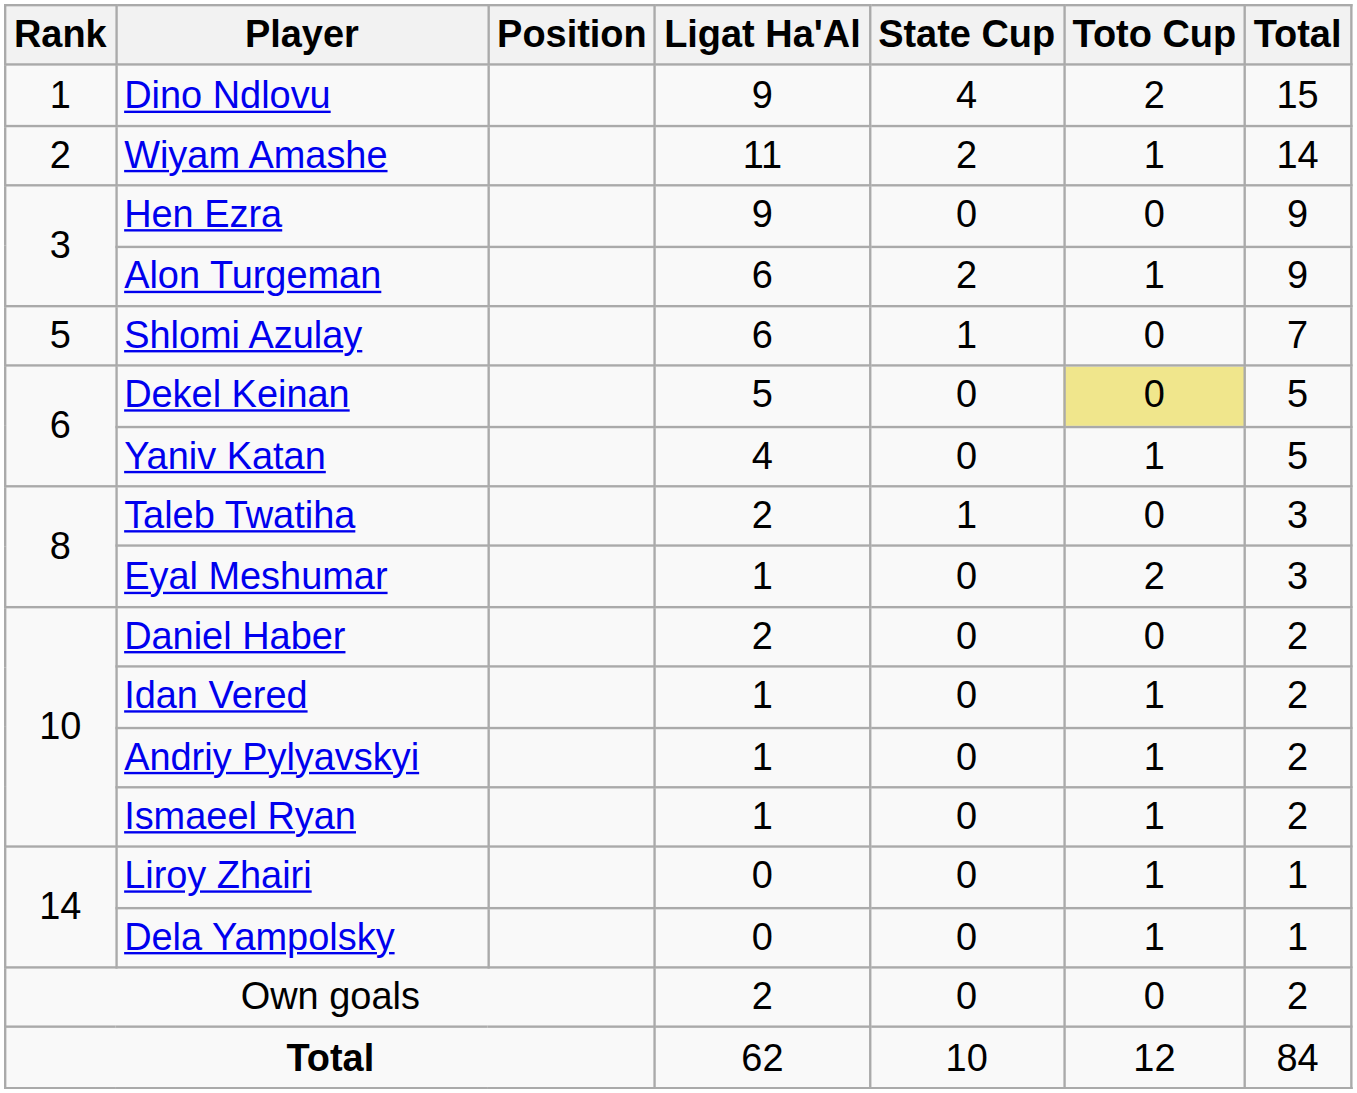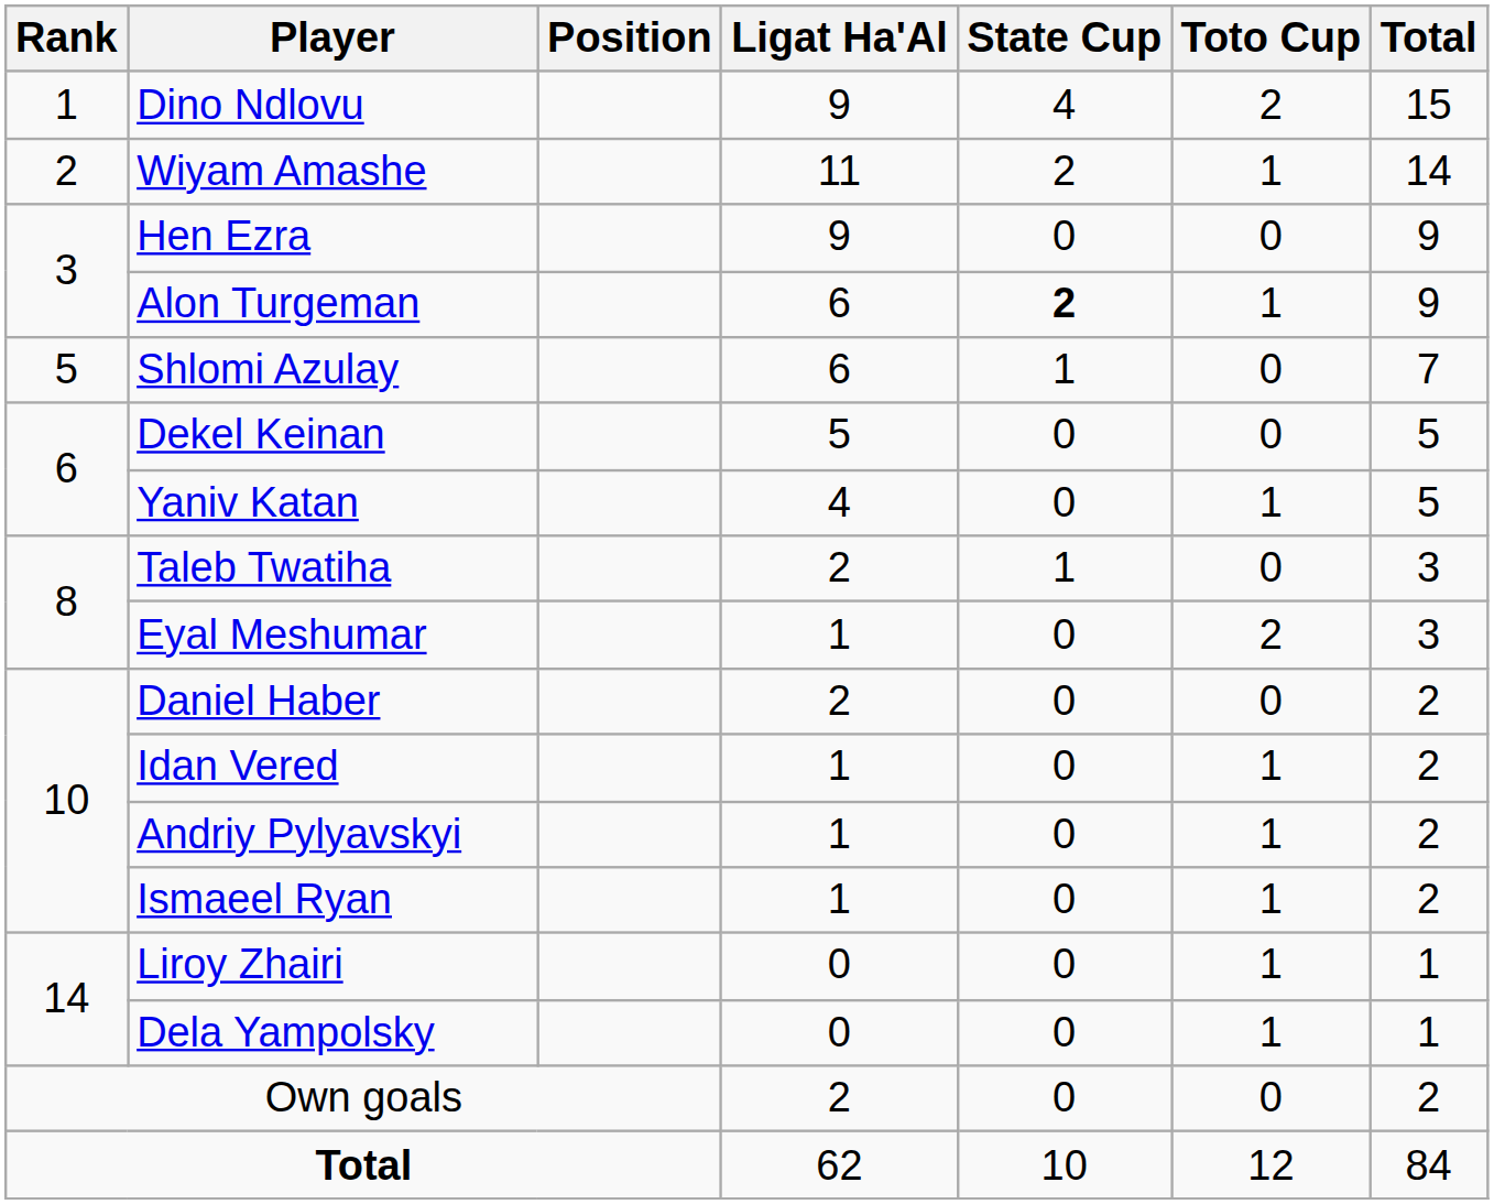 <table class="wikitable">
 <tr>
 <th>Rank</th>
 <th style="width:150px;">Player</th>
 <th>Position</th>
 <th>Ligat Ha'Al</th>
 <th>State Cup</th>
 <th>Toto Cup</th>
 <th>Total</th>
 </tr>
 <tr>
 <td align=center>1</td>
 <td> <a href='#'>Dino Ndlovu</a></td>
 <td align=center></td>
 <td align=center>9</td>
 <td align=center>4</td>
 <td align=center>2</td>
 <td align=center>15</td>
 </tr>
 <tr>
 <td align=center>2</td>
 <td> <a href='#'>Wiyam Amashe</a></td>
 <td align=center></td>
 <td align=center>11</td>
 <td align=center>2</td>
 <td align=center>1</td>
 <td align=center>14</td>
 </tr>
 <tr>
 <td align=center rowspan=2>3</td>
 <td> <a href='#'>Hen Ezra</a></td>
 <td align=center></td>
 <td align=center>9</td>
 <td align=center>0</td>
 <td align=center>0</td>
 <td align=center>9</td>
 </tr>
 <tr>
 <td> <a href='#'>Alon Turgeman</a></td>
 <td align=center></td>
 <td align=center>6</td>
-<td align=center>2</td>
+<td align=center><strong>2</strong></td>
 <td align=center>1</td>
 <td align=center>9</td>
 </tr>
 <tr>
 <td align=center>5</td>
 <td> <a href='#'>Shlomi Azulay</a></td>
 <td align=center></td>
 <td align=center>6</td>
 <td align=center>1</td>
 <td align=center>0</td>
 <td align=center>7</td>
 </tr>
 <tr>
 <td align=center rowspan=2>6</td>
 <td> <a href='#'>Dekel Keinan</a></td>
 <td align=center></td>
 <td align=center>5</td>
 <td align=center>0</td>
-<td align=center style="background: khaki;">0</td>
+<td align=center>0</td>
 <td align=center>5</td>
 </tr>
 <tr>
 <td> <a href='#'>Yaniv Katan</a></td>
 <td align=center></td>
 <td align=center>4</td>
 <td align=center>0</td>
 <td align=center>1</td>
 <td align=center>5</td>
 </tr>
 <tr>
 <td align=center rowspan=2>8</td>
 <td> <a href='#'>Taleb Twatiha</a></td>
 <td align=center></td>
 <td align=center>2</td>
 <td align=center>1</td>
 <td align=center>0</td>
 <td align=center>3</td>
 </tr>
 <tr>
 <td> <a href='#'>Eyal Meshumar</a></td>
 <td align=center></td>
 <td align=center>1</td>
 <td align=center>0</td>
 <td align=center>2</td>
 <td align=center>3</td>
 </tr>
 <tr>
 <td align=center rowspan=4>10</td>
 <td> <a href='#'>Daniel Haber</a></td>
 <td align=center></td>
 <td align=center>2</td>
 <td align=center>0</td>
 <td align=center>0</td>
 <td align=center>2</td>
 </tr>
 <tr>
 <td> <a href='#'>Idan Vered</a></td>
 <td align=center></td>
 <td align=center>1</td>
 <td align=center>0</td>
 <td align=center>1</td>
 <td align=center>2</td>
 </tr>
 <tr>
 <td> <a href='#'>Andriy Pylyavskyi</a></td>
 <td align=center></td>
 <td align=center>1</td>
 <td align=center>0</td>
 <td align=center>1</td>
 <td align=center>2</td>
 </tr>
 <tr>
 <td> <a href='#'>Ismaeel Ryan</a></td>
 <td align=center></td>
 <td align=center>1</td>
 <td align=center>0</td>
 <td align=center>1</td>
 <td align=center>2</td>
 </tr>
 <tr>
 <td align=center rowspan=2>14</td>
 <td> <a href='#'>Liroy Zhairi</a></td>
 <td align=center></td>
 <td align=center>0</td>
 <td align=center>0</td>
 <td align=center>1</td>
 <td align=center>1</td>
 </tr>
 <tr>
 <td> <a href='#'>Dela Yampolsky</a></td>
 <td align=center></td>
 <td align=center>0</td>
 <td align=center>0</td>
 <td align=center>1</td>
 <td align=center>1</td>
 </tr>
 <tr>
 <td align=center colspan=3>Own goals</td>
 <td align=center>2</td>
 <td align=center>0</td>
 <td align=center>0</td>
 <td align=center>2</td>
 </tr>
 <tr>
 <td align=center colspan=3><strong>Total</strong></td>
 <td align=center>62</td>
 <td align=center>10</td>
 <td align=center>12</td>
 <td align=center>84</td>
 </tr>
 <tr>
 </tr>
 </table>
